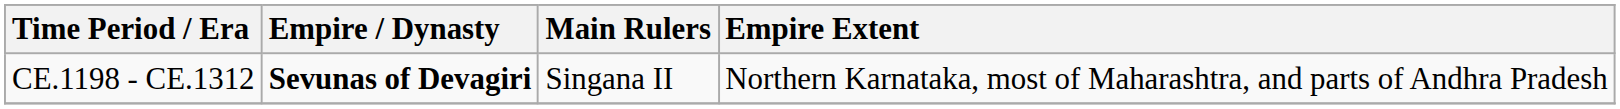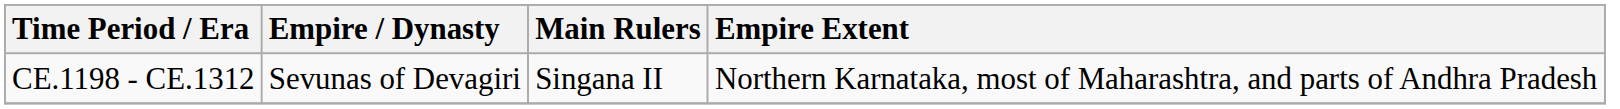 <table class="wikitable">
 <tr>
 <th style="text-align: left;">Time Period / Era</th>
 <th style="text-align: left;">Empire / Dynasty</th>
 <th style="text-align: left;">Main Rulers</th>
 <th style="text-align: left;">Empire Extent</th>
 </tr>
 <tr>
 <td>CE.1198 - CE.1312</td>
-<td><strong>Sevunas of Devagiri</strong></td>
+<td>Sevunas of Devagiri</td>
 <td>Singana II</td>
 <td>Northern Karnataka, most of Maharashtra, and parts of Andhra Pradesh</td>
 </tr>
 <tr>
 </tr>
 </table>
